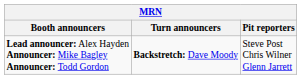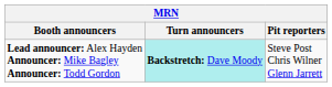 <table class="wikitable" style="font-size: 95%">
 <tr>
 <th colspan="3"><a href='#'>MRN</a></th>
 </tr>
 <tr>
 <th>Booth announcers</th>
 <th>Turn announcers</th>
 <th>Pit reporters</th>
 </tr>
 <tr>
 <td><strong>Lead announcer:</strong> Alex Hayden<br><strong>Announcer:</strong> <a href='#'>Mike Bagley</a><br><strong>Announcer:</strong> <a href='#'>Todd Gordon</a></td>
-<td><strong>Backstretch:</strong> <a href='#'>Dave Moody</a></td>
+<td style="background: paleturquoise;"><strong>Backstretch:</strong> <a href='#'>Dave Moody</a></td>
 <td>Steve Post<br>Chris Wilner<br><a href='#'>Glenn Jarrett</a></td>
 </tr>
 </table>
